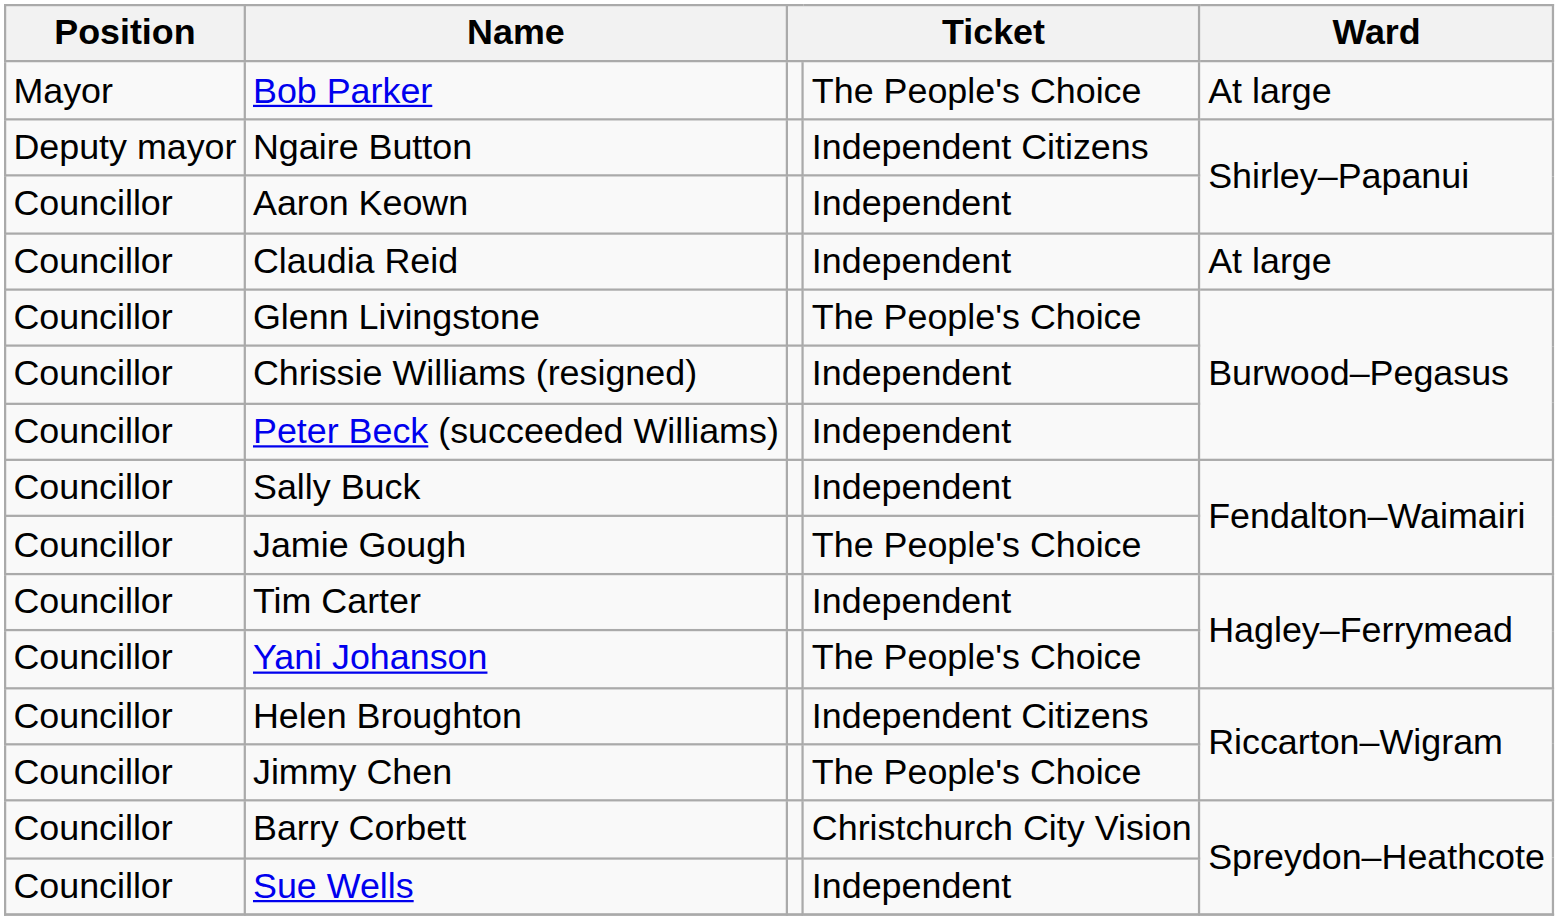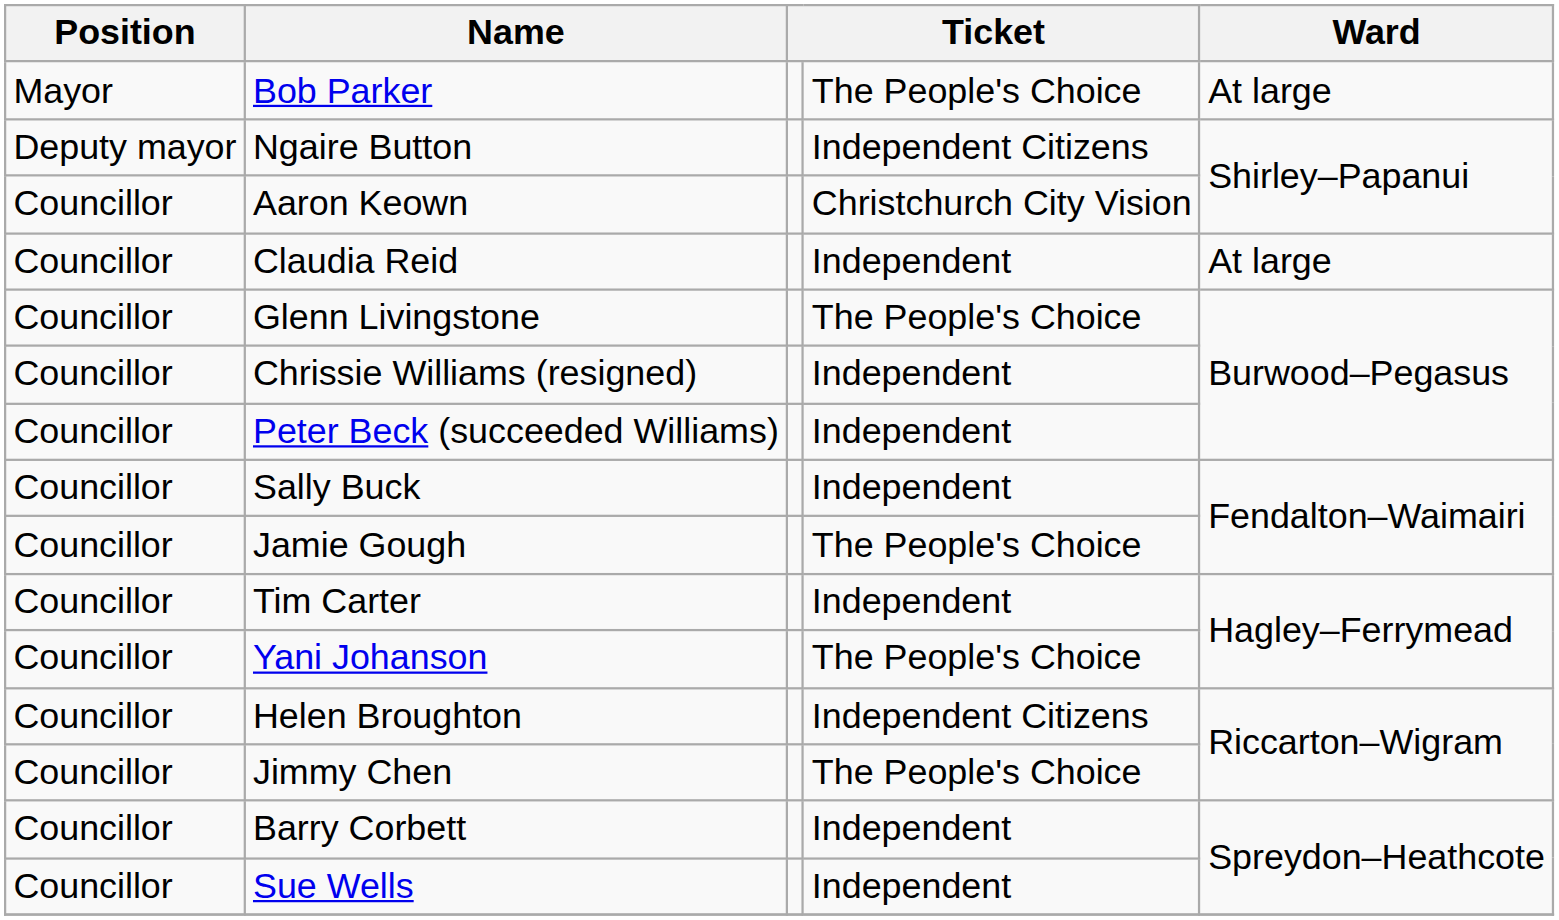 <table class="wikitable" border="1">
 <tr>
 <th>Position</th>
 <th>Name</th>
 <th Colspan=2>Ticket</th>
 <th>Ward</th>
 </tr>
 <tr>
 <td>Mayor</td>
 <td><a href='#'>Bob Parker</a></td>
 <td></td>
 <td>The People's Choice</td>
 <td>At large</td>
 </tr>
 <tr>
 <td>Deputy mayor</td>
 <td>Ngaire Button</td>
 <td></td>
 <td>Independent Citizens</td>
 <td rowspan=2>Shirley–Papanui</td>
 </tr>
 <tr>
 <td>Councillor</td>
 <td>Aaron Keown</td>
 <td></td>
-<td>Independent</td>
+<td>Christchurch City Vision</td>
 </tr>
 <tr>
 <td>Councillor</td>
 <td>Claudia Reid</td>
 <td></td>
 <td>Independent</td>
 <td>At large</td>
 </tr>
 <tr>
 <td>Councillor</td>
 <td>Glenn Livingstone</td>
 <td></td>
 <td>The People's Choice</td>
 <td rowspan=3>Burwood–Pegasus</td>
 </tr>
 <tr>
 <td>Councillor</td>
 <td>Chrissie Williams (resigned)</td>
 <td></td>
 <td>Independent</td>
 </tr>
 <tr>
 <td>Councillor</td>
 <td><a href='#'>Peter Beck</a> (succeeded Williams)</td>
 <td></td>
 <td>Independent</td>
 </tr>
 <tr>
 <td>Councillor</td>
 <td>Sally Buck</td>
 <td></td>
 <td>Independent</td>
 <td rowspan=2>Fendalton–Waimairi</td>
 </tr>
 <tr>
 <td>Councillor</td>
 <td>Jamie Gough</td>
 <td></td>
 <td>The People's Choice</td>
 </tr>
 <tr>
 <td>Councillor</td>
 <td>Tim Carter</td>
 <td></td>
 <td>Independent</td>
 <td rowspan=2>Hagley–Ferrymead</td>
 </tr>
 <tr>
 <td>Councillor</td>
 <td><a href='#'>Yani Johanson</a></td>
 <td></td>
 <td>The People's Choice</td>
 </tr>
 <tr>
 <td>Councillor</td>
 <td>Helen Broughton</td>
 <td></td>
 <td>Independent Citizens</td>
 <td rowspan=2>Riccarton–Wigram</td>
 </tr>
 <tr>
 <td>Councillor</td>
 <td>Jimmy Chen</td>
 <td></td>
 <td>The People's Choice</td>
 </tr>
 <tr>
 <td>Councillor</td>
 <td>Barry Corbett</td>
 <td></td>
-<td>Christchurch City Vision</td>
+<td>Independent</td>
 <td rowspan=2>Spreydon–Heathcote</td>
 </tr>
 <tr>
 <td>Councillor</td>
 <td><a href='#'>Sue Wells</a></td>
 <td></td>
 <td>Independent</td>
 </tr>
 <tr>
 </tr>
 </table>
